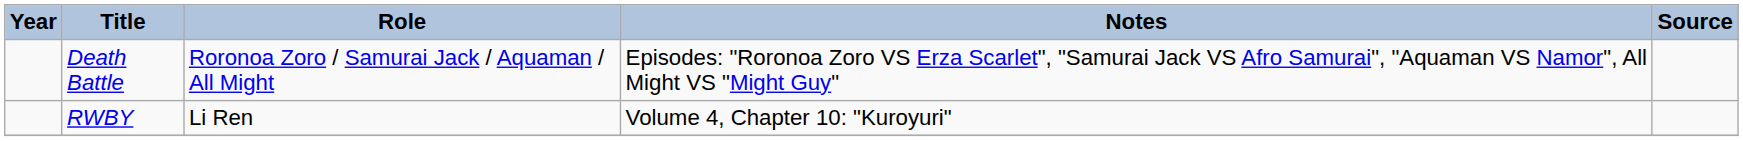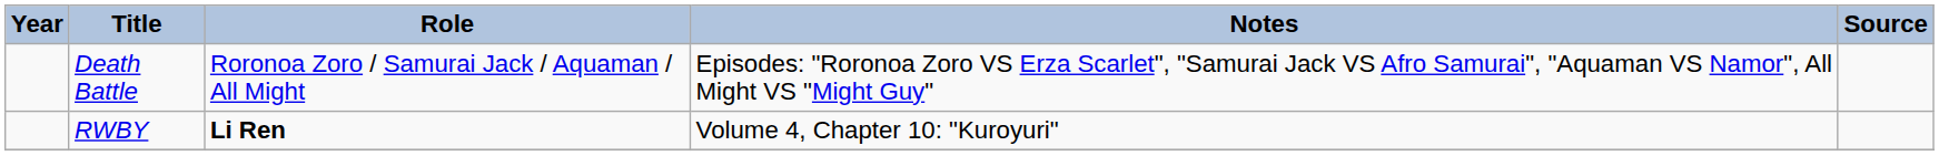 <table class="wikitable sortable plainrowheaders">
 <tr>
 <th style="background:#b0c4de;">Year </th>
 <th style="background:#b0c4de;">Title</th>
 <th style="background:#b0c4de;">Role </th>
 <th style="background:#b0c4de;" class="unsortable">Notes</th>
 <th style="background:#b0c4de;" class="unsortable">Source</th>
 </tr>
 <tr>
 <td></td>
 <td><em><a href='#'>Death Battle</a></em></td>
 <td><a href='#'>Roronoa Zoro</a> / <a href='#'>Samurai Jack</a> / <a href='#'>Aquaman</a> / <a href='#'>All Might</a></td>
 <td>Episodes: "Roronoa Zoro VS <a href='#'>Erza Scarlet</a>", "Samurai Jack VS <a href='#'>Afro Samurai</a>", "Aquaman VS <a href='#'>Namor</a>", All Might VS "<a href='#'>Might Guy</a>"</td>
 <td></td>
 </tr>
 <tr>
 <td></td>
 <td><em><a href='#'>RWBY</a></em></td>
-<td>Li Ren</td>
+<td><strong>Li Ren</strong></td>
 <td>Volume 4, Chapter 10: "Kuroyuri"</td>
 <td></td>
 </tr>
 <tr>
 </tr>
 </table>
